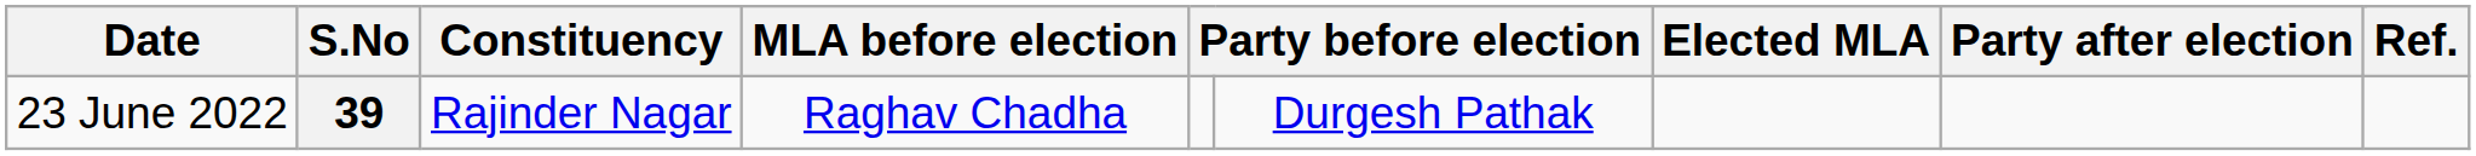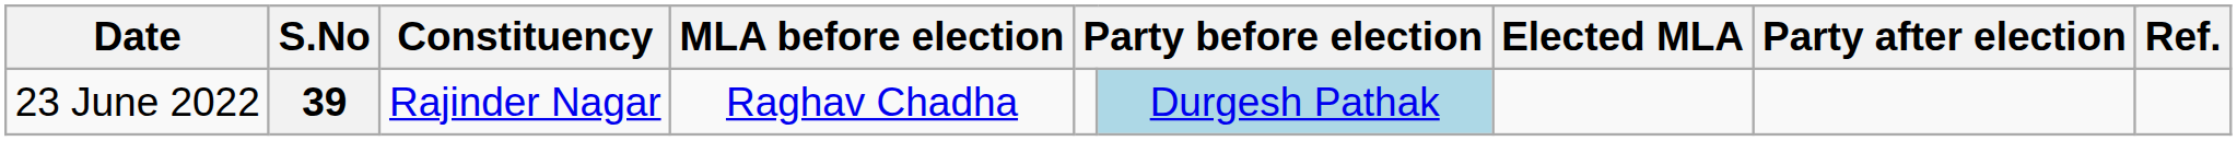 <table class="wikitable sortable" style="text-align:center;">
 <tr>
 <th>Date</th>
 <th>S.No</th>
 <th>Constituency</th>
 <th>MLA before election</th>
 <th colspan="2">Party before election</th>
 <th>Elected MLA</th>
 <th colspan="2">Party after election</th>
 <th>Ref.</th>
 </tr>
 <tr>
 <td>23 June 2022</td>
 <th>39</th>
 <td><a href='#'>Rajinder Nagar</a></td>
 <td><a href='#'>Raghav Chadha</a></td>
 <td></td>
-<td><a href='#'>Durgesh Pathak</a></td>
+<td style="background: lightblue;"><a href='#'>Durgesh Pathak</a></td>
 <td></td>
 <td></td>
 </tr>
 </table>
